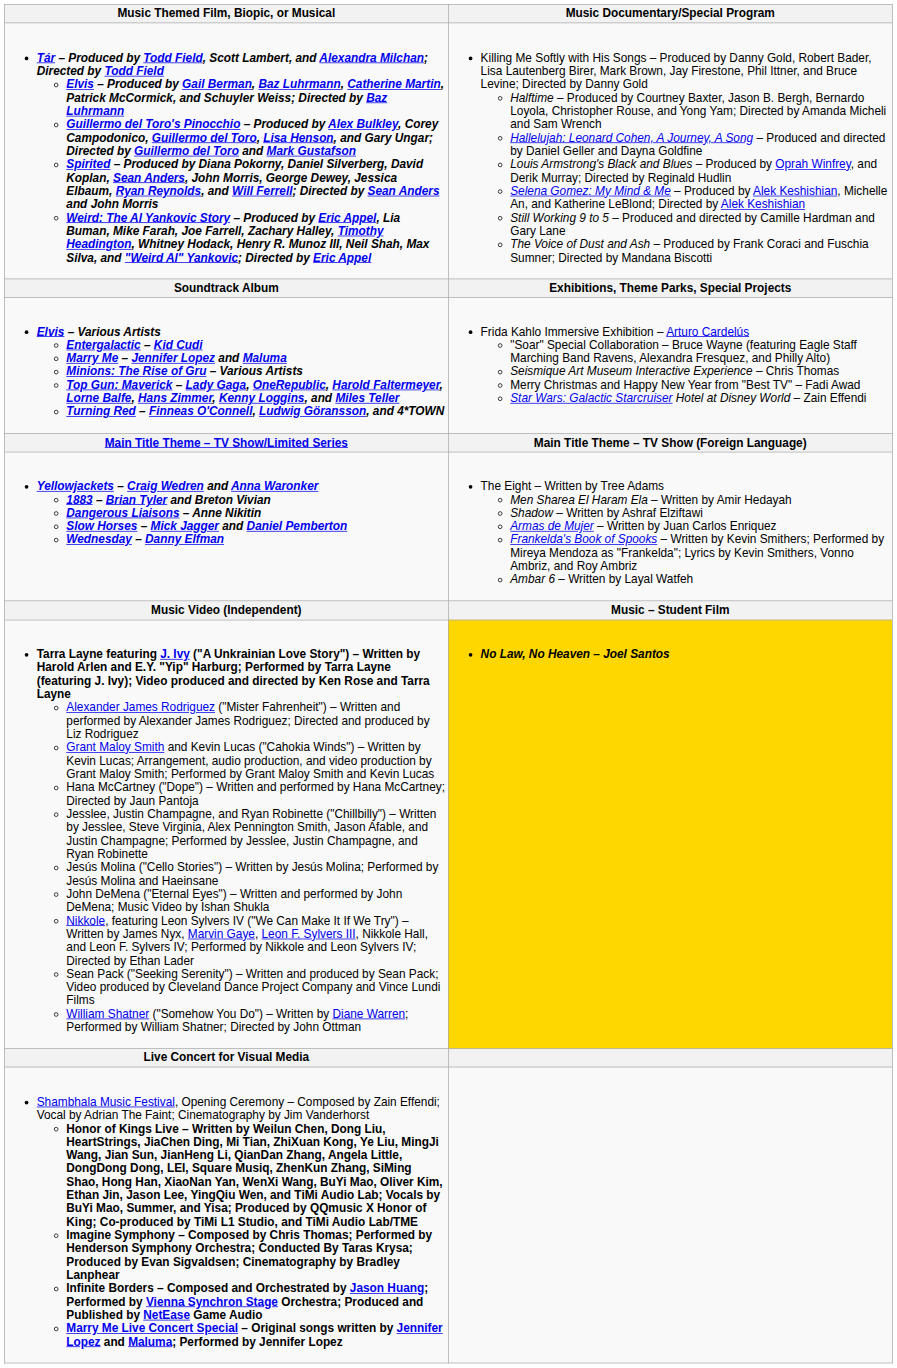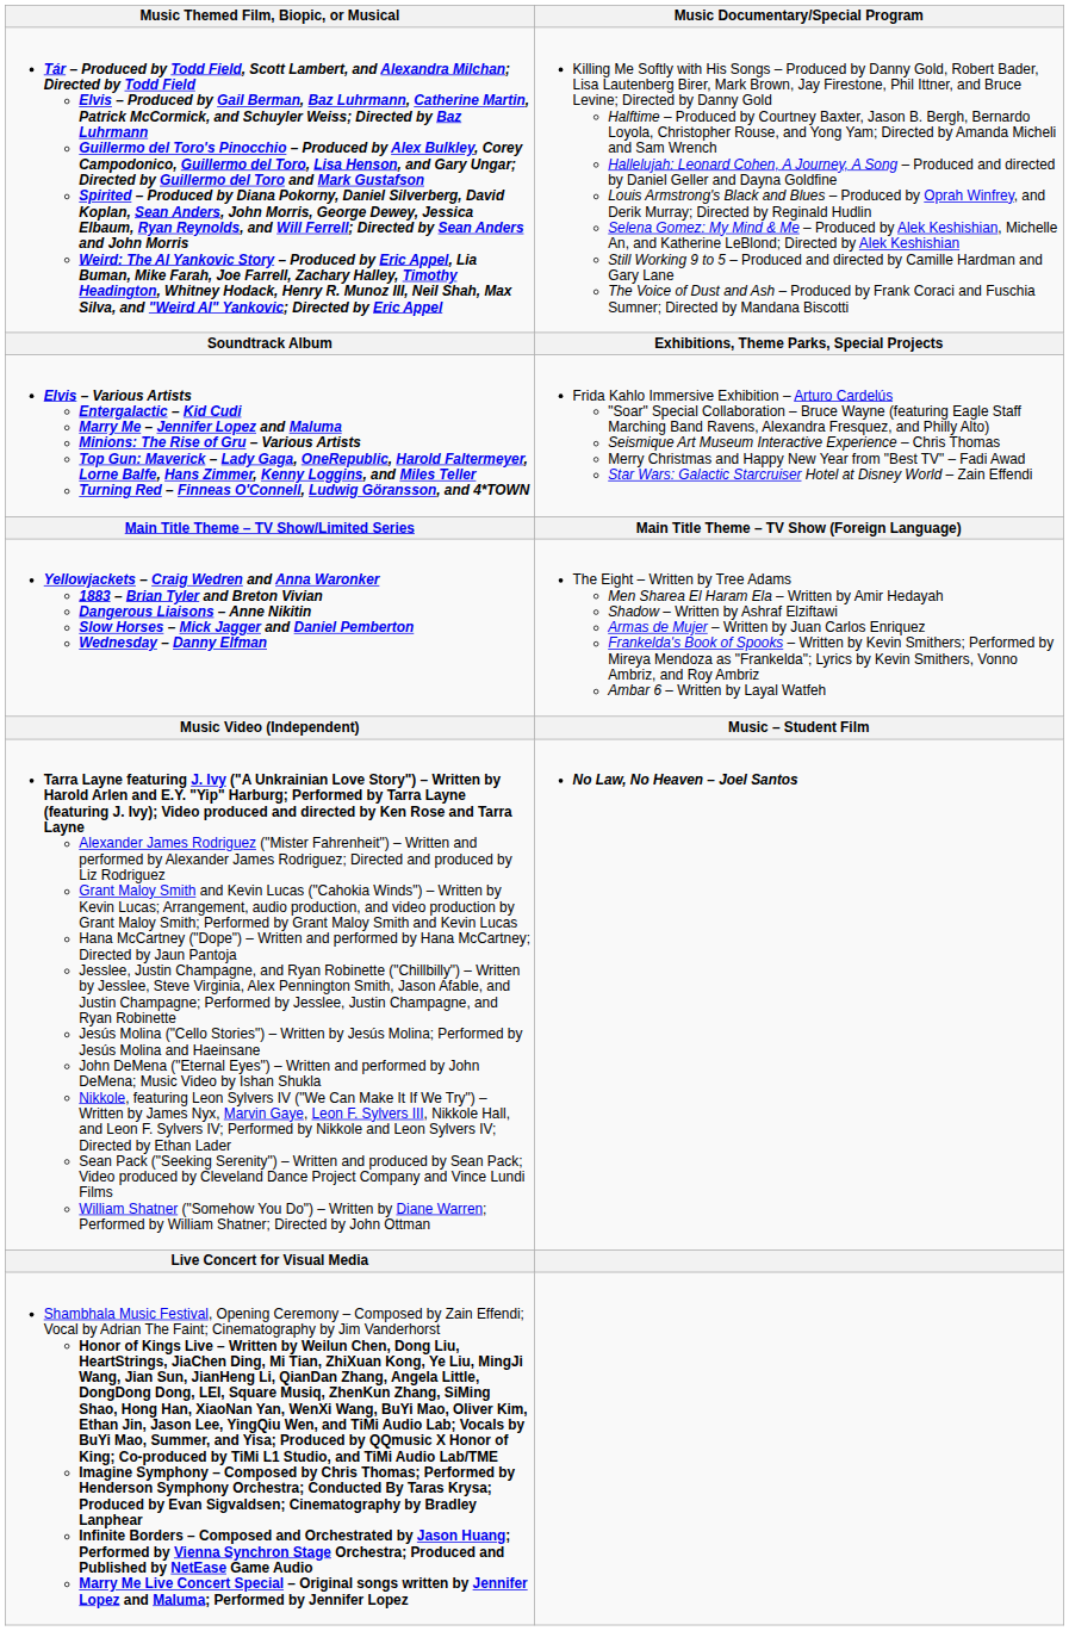 <table class="wikitable" style="width:95%">
 <tr>
 <th width="50%">Music Themed Film, Biopic, or Musical</th>
 <th width="50%">Music Documentary/Special Program</th>
 </tr>
 <tr>
 <td valign="top"><br><ul><li><strong><em><a href='#'>Tár</a><em> – Produced by <a href='#'>Todd Field</a>, Scott Lambert, and <a href='#'>Alexandra Milchan</a>; Directed by <a href='#'>Todd Field</a><strong><ul><li></em><a href='#'>Elvis</a><em> – Produced by <a href='#'>Gail Berman</a>, <a href='#'>Baz Luhrmann</a>, <a href='#'>Catherine Martin</a>, Patrick McCormick, and Schuyler Weiss; Directed by <a href='#'>Baz Luhrmann</a></li><li></em><a href='#'>Guillermo del Toro's Pinocchio</a><em> – Produced by <a href='#'>Alex Bulkley</a>, Corey Campodonico, <a href='#'>Guillermo del Toro</a>, <a href='#'>Lisa Henson</a>, and Gary Ungar; Directed by <a href='#'>Guillermo del Toro</a> and <a href='#'>Mark Gustafson</a></li><li></em><a href='#'>Spirited</a><em> – Produced by Diana Pokorny, Daniel Silverberg, David Koplan, <a href='#'>Sean Anders</a>, John Morris, George Dewey, Jessica Elbaum, <a href='#'>Ryan Reynolds</a>, and <a href='#'>Will Ferrell</a>; Directed by <a href='#'>Sean Anders</a> and John Morris</li><li></em><a href='#'>Weird: The Al Yankovic Story</a><em> – Produced by <a href='#'>Eric Appel</a>, Lia Buman, Mike Farah, Joe Farrell, Zachary Halley, <a href='#'>Timothy Headington</a>, Whitney Hodack, Henry R. Munoz III, Neil Shah, Max Silva, and <a href='#'>"Weird Al" Yankovic</a>; Directed by <a href='#'>Eric Appel</a></li></ul></li></ul></td>
 <td valign="top"><br><ul><li></em></strong>Killing Me Softly with His Songs</em> – Produced by Danny Gold, Robert Bader, Lisa Lautenberg Birer, Mark Brown, Jay Firestone, Phil Ittner, and Bruce Levine; Directed by Danny Gold</strong><ul><li><em>Halftime</em> – Produced by Courtney Baxter, Jason B. Bergh, Bernardo Loyola, Christopher Rouse, and Yong Yam; Directed by Amanda Micheli and Sam Wrench</li><li><em><a href='#'>Hallelujah: Leonard Cohen, A Journey, A Song</a></em> – Produced and directed by Daniel Geller and Dayna Goldfine</li><li><em>Louis Armstrong's Black and Blues</em> – Produced by <a href='#'>Oprah Winfrey</a>, and Derik Murray; Directed by Reginald Hudlin</li><li><em><a href='#'>Selena Gomez: My Mind & Me</a></em> – Produced by <a href='#'>Alek Keshishian</a>, Michelle An, and Katherine LeBlond; Directed by <a href='#'>Alek Keshishian</a></li><li><em>Still Working 9 to 5</em> – Produced and directed by Camille Hardman and Gary Lane</li><li><em>The Voice of Dust and Ash</em> – Produced by Frank Coraci and Fuschia Sumner; Directed by Mandana Biscotti</li></ul></li></ul></td>
 </tr>
 <tr>
 <th width="50%">Soundtrack Album</th>
 <th width="50%">Exhibitions, Theme Parks, Special Projects</th>
 </tr>
 <tr>
 <td valign="top"><br><ul><li><strong><em><a href='#'>Elvis</a><em> – Various Artists<strong><ul><li></em><a href='#'>Entergalactic</a><em> – <a href='#'>Kid Cudi</a></li><li></em><a href='#'>Marry Me</a><em> – <a href='#'>Jennifer Lopez</a> and <a href='#'>Maluma</a></li><li></em><a href='#'>Minions: The Rise of Gru</a><em> – Various Artists</li><li></em><a href='#'>Top Gun: Maverick</a><em> – <a href='#'>Lady Gaga</a>, <a href='#'>OneRepublic</a>, <a href='#'>Harold Faltermeyer</a>, <a href='#'>Lorne Balfe</a>, <a href='#'>Hans Zimmer</a>, <a href='#'>Kenny Loggins</a>, and <a href='#'>Miles Teller</a></li><li></em><a href='#'>Turning Red</a><em> – <a href='#'>Finneas O'Connell</a>, <a href='#'>Ludwig Göransson</a>, and 4*TOWN</li></ul></li></ul></td>
 <td valign="top"><br><ul><li></em></strong>Frida Kahlo Immersive Exhibition</em> – <a href='#'>Arturo Cardelús</a></strong><ul><li>"Soar" Special Collaboration – Bruce Wayne (featuring Eagle Staff Marching Band Ravens, Alexandra Fresquez, and Philly Alto)</li><li><em>Seismique Art Museum Interactive Experience</em> – Chris Thomas</li><li>Merry Christmas and Happy New Year from "Best TV" – Fadi Awad</li><li><em><a href='#'>Star Wars: Galactic Starcruiser</a> Hotel at Disney World</em> – Zain Effendi</li></ul></li></ul></td>
 </tr>
 <tr>
 <th width="50%"><a href='#'>Main Title Theme – TV Show/Limited Series</a></th>
 <th width="50%">Main Title Theme – TV Show (Foreign Language)</th>
 </tr>
 <tr>
 <td valign="top"><br><ul><li><strong><em><a href='#'>Yellowjackets</a><em> – <a href='#'>Craig Wedren</a> and <a href='#'>Anna Waronker</a><strong><ul><li></em><a href='#'>1883</a><em> – <a href='#'>Brian Tyler</a> and Breton Vivian</li><li></em><a href='#'>Dangerous Liaisons</a><em> – Anne Nikitin</li><li></em><a href='#'>Slow Horses</a><em> – <a href='#'>Mick Jagger</a> and <a href='#'>Daniel Pemberton</a></li><li></em><a href='#'>Wednesday</a><em> – <a href='#'>Danny Elfman</a></li></ul></li></ul></td>
 <td valign="top"><br><ul><li></em></strong>The Eight</em> – Written by Tree Adams</strong><ul><li><em>Men Sharea El Haram Ela</em> – Written by Amir Hedayah</li><li><em>Shadow</em> – Written by Ashraf Elziftawi</li><li><em><a href='#'>Armas de Mujer</a></em> – Written by Juan Carlos Enriquez</li><li><em><a href='#'>Frankelda's Book of Spooks</a></em> – Written by Kevin Smithers; Performed by Mireya Mendoza as "Frankelda"; Lyrics by Kevin Smithers, Vonno Ambriz, and Roy Ambriz</li><li><em>Ambar 6</em> – Written by Layal Watfeh</li></ul></li></ul></td>
 </tr>
 <tr>
 <th width="50%">Music Video (Independent)</th>
 <th width="50%">Music – Student Film</th>
 </tr>
 <tr>
 <td valign="top"><br><ul><li><strong>Tarra Layne featuring <a href='#'>J. Ivy</a> ("A Unkrainian Love Story") – Written by Harold Arlen and E.Y. "Yip" Harburg; Performed by Tarra Layne (featuring J. Ivy); Video produced and directed by Ken Rose and Tarra Layne</strong><ul><li><a href='#'>Alexander James Rodriguez</a> ("Mister Fahrenheit") – Written and performed by Alexander James Rodriguez; Directed and produced by Liz Rodriguez</li><li><a href='#'>Grant Maloy Smith</a> and Kevin Lucas ("Cahokia Winds") – Written by Kevin Lucas; Arrangement, audio production, and video production by Grant Maloy Smith; Performed by Grant Maloy Smith and Kevin Lucas</li><li>Hana McCartney ("Dope") – Written and performed by Hana McCartney; Directed by Jaun Pantoja</li><li>Jesslee, Justin Champagne, and Ryan Robinette ("Chillbilly") – Written by Jesslee, Steve Virginia, Alex Pennington Smith, Jason Afable, and Justin Champagne; Performed by Jesslee, Justin Champagne, and Ryan Robinette</li><li>Jesús Molina ("Cello Stories") – Written by Jesús Molina; Performed by Jesús Molina and Haeinsane</li><li>John DeMena ("Eternal Eyes") – Written and performed by John DeMena; Music Video by Ishan Shukla</li><li><a href='#'>Nikkole</a>, featuring Leon Sylvers IV ("We Can Make It If We Try") – Written by James Nyx, <a href='#'>Marvin Gaye</a>, <a href='#'>Leon F. Sylvers III</a>, Nikkole Hall, and Leon F. Sylvers IV; Performed by Nikkole and Leon Sylvers IV; Directed by Ethan Lader</li><li>Sean Pack ("Seeking Serenity") – Written and produced by Sean Pack; Video produced by Cleveland Dance Project Company and Vince Lundi Films</li><li><a href='#'>William Shatner</a> ("Somehow You Do") – Written by <a href='#'>Diane Warren</a>; Performed by William Shatner; Directed by John Ottman</li></ul></li></ul></td>
-<td valign="top" style="background: gold;"><br><ul><li><strong><em>No Law, No Heaven<em> – Joel Santos<strong></li></ul></td>
+<td valign="top"><br><ul><li><strong><em>No Law, No Heaven<em> – Joel Santos<strong></li></ul></td>
 </tr>
 <tr>
 <th width="50%">Live Concert for Visual Media</th>
 <th width="50%"></th>
 </tr>
 <tr>
 <td valign="top"><br><ul><li></strong><a href='#'>Shambhala Music Festival</a>, Opening Ceremony – Composed by Zain Effendi; Vocal by Adrian The Faint; Cinematography by Jim Vanderhorst<strong><ul><li>Honor of Kings Live – Written by Weilun Chen, Dong Liu, HeartStrings, JiaChen Ding, Mi Tian, ZhiXuan Kong, Ye Liu, MingJi Wang, Jian Sun, JianHeng Li, QianDan Zhang, Angela Little, DongDong Dong, LEI, Square Musiq, ZhenKun Zhang, SiMing Shao, Hong Han, XiaoNan Yan, WenXi Wang, BuYi Mao, Oliver Kim, Ethan Jin, Jason Lee, YingQiu Wen, and TiMi Audio Lab; Vocals by BuYi Mao, Summer, and Yisa; Produced by QQmusic X Honor of King; Co-produced by TiMi L1 Studio, and TiMi Audio Lab/TME</li><li>Imagine Symphony – Composed by Chris Thomas; Performed by Henderson Symphony Orchestra; Conducted By Taras Krysa; Produced by Evan Sigvaldsen; Cinematography by Bradley Lanphear</li><li>Infinite Borders – Composed and Orchestrated by <a href='#'>Jason Huang</a>; Performed by <a href='#'>Vienna Synchron Stage</a> Orchestra; Produced and Published by <a href='#'>NetEase</a> Game Audio</li><li><a href='#'>Marry Me Live Concert Special</a> – Original songs written by <a href='#'>Jennifer Lopez</a> and <a href='#'>Maluma</a>; Performed by Jennifer Lopez</li></ul></li></ul></td>
 <td valign="top"></td>
 </tr>
 </table>
